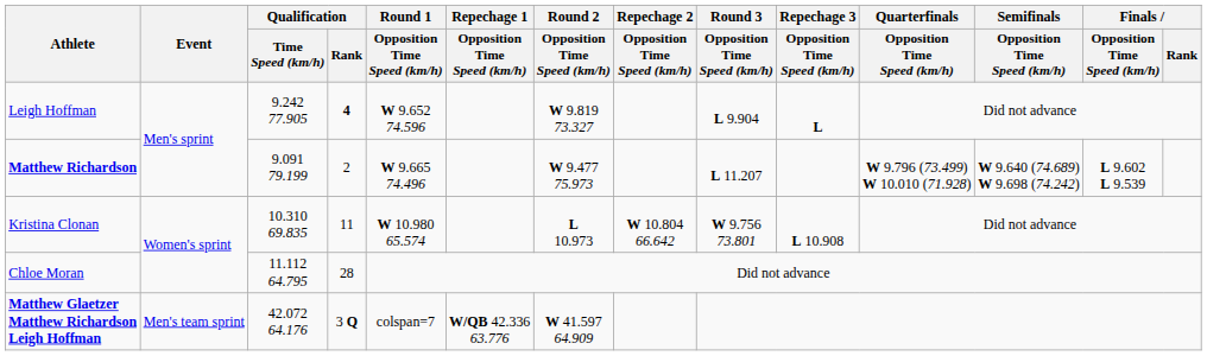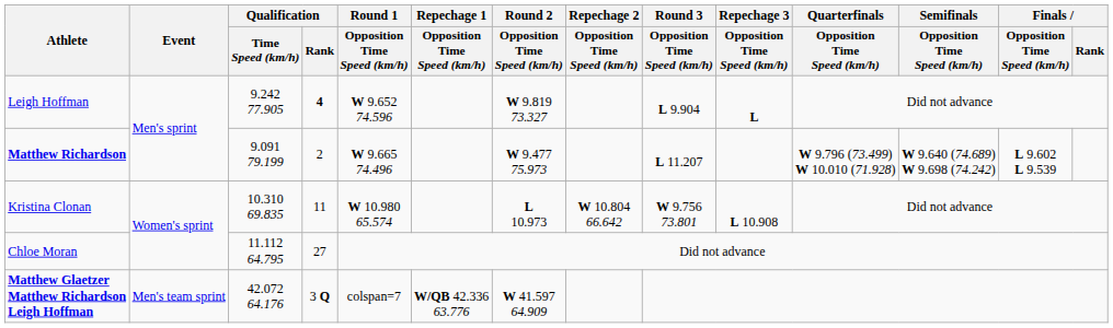 <table class=wikitable style=font-size:90%;text-align:center>
 <tr>
 <th rowspan=2>Athlete</th>
 <th rowspan=2>Event</th>
 <th colspan=2>Qualification</th>
 <th>Round 1</th>
 <th>Repechage 1</th>
 <th>Round 2</th>
 <th>Repechage 2</th>
 <th>Round 3</th>
 <th>Repechage 3</th>
 <th>Quarterfinals</th>
 <th>Semifinals</th>
 <th colspan=2>Finals / </th>
 </tr>
 <tr style=font-size:95%>
 <th>Time<br><em>Speed (km/h)</em></th>
 <th>Rank</th>
 <th>Opposition<br>Time<br><em>Speed (km/h)</em></th>
 <th>Opposition<br>Time<br><em>Speed (km/h)</em></th>
 <th>Opposition<br>Time<br><em>Speed (km/h)</em></th>
 <th>Opposition<br>Time<br><em>Speed (km/h)</em></th>
 <th>Opposition<br>Time<br><em>Speed (km/h)</em></th>
 <th>Opposition<br>Time<br><em>Speed (km/h)</em></th>
 <th>Opposition<br>Time<br><em>Speed (km/h)</em></th>
 <th>Opposition<br>Time<br><em>Speed (km/h)</em></th>
 <th>Opposition<br>Time<br><em>Speed (km/h)</em></th>
 <th>Rank</th>
 </tr>
 <tr>
 <td align=left><a href='#'>Leigh Hoffman</a></td>
 <td rowspan=2 align=left><a href='#'>Men's sprint</a></td>
 <td>9.242<br><em>77.905</em></td>
 <td><strong>4</strong></td>
 <td><br><strong>W</strong> 9.652 <br> <em>74.596</em></td>
 <td></td>
 <td><br><strong>W</strong> 9.819 <br> <em>73.327</em></td>
 <td></td>
 <td><br><strong>L</strong> 9.904</td>
 <td><br><br><strong>L</strong></td>
 <td colspan=4>Did not advance</td>
 </tr>
 <tr>
 <td align=left><strong><a href='#'>Matthew Richardson</a></strong></td>
 <td>9.091<br><em>79.199</em></td>
 <td>2</td>
 <td><br><strong>W</strong> 9.665 <br> <em>74.496</em></td>
 <td></td>
 <td><br><strong>W</strong> 9.477 <br> <em>75.973</em></td>
 <td></td>
 <td><br><strong>L</strong> 11.207</td>
 <td></td>
 <td><br><strong>W</strong> 9.796 (<em>73.499</em>)<br><strong>W</strong> 10.010 (<em>71.928</em>)</td>
 <td><br><strong>W</strong> 9.640 (<em>74.689</em>)<br><strong>W</strong> 9.698 (<em>74.242</em>)</td>
 <td><br><strong>L</strong> 9.602 <br><strong>L</strong> 9.539</td>
 <td></td>
 </tr>
 <tr>
 <td align=left><a href='#'>Kristina Clonan</a></td>
 <td rowspan=2 align=left><a href='#'>Women's sprint</a></td>
 <td>10.310 <br> <em>69.835</em></td>
 <td>11</td>
 <td><br><strong>W</strong> 10.980 <br> <em>65.574</em></td>
 <td></td>
 <td><br><strong>L</strong><br> 10.973</td>
 <td><br> <strong>W</strong> 10.804 <br> <em>66.642</em></td>
 <td><br><strong>W</strong> 9.756 <br> <em>73.801</em></td>
 <td><br><br><strong>L</strong> 10.908</td>
 <td colspan=4>Did not advance</td>
 </tr>
 <tr>
 <td align=left><a href='#'>Chloe Moran</a></td>
 <td>11.112 <br> <em>64.795</em></td>
-<td>28</td>
+<td>27</td>
 <td colspan=10>Did not advance</td>
 </tr>
 <tr>
 <td align=left><strong><a href='#'>Matthew Glaetzer</a><br><a href='#'>Matthew Richardson</a><br> <a href='#'>Leigh Hoffman</a></strong></td>
 <td align=left><a href='#'>Men's team sprint</a></td>
 <td>42.072<br> <em>64.176</em></td>
 <td>3 <strong>Q</strong></td>
 <td>colspan=7 </td>
 <td><br><strong>W/QB</strong> 42.336<br><em>63.776</em></td>
 <td><br><strong>W</strong> 41.597 <br> <em>64.909</em></td>
 <td></td>
 </tr>
 </table>
